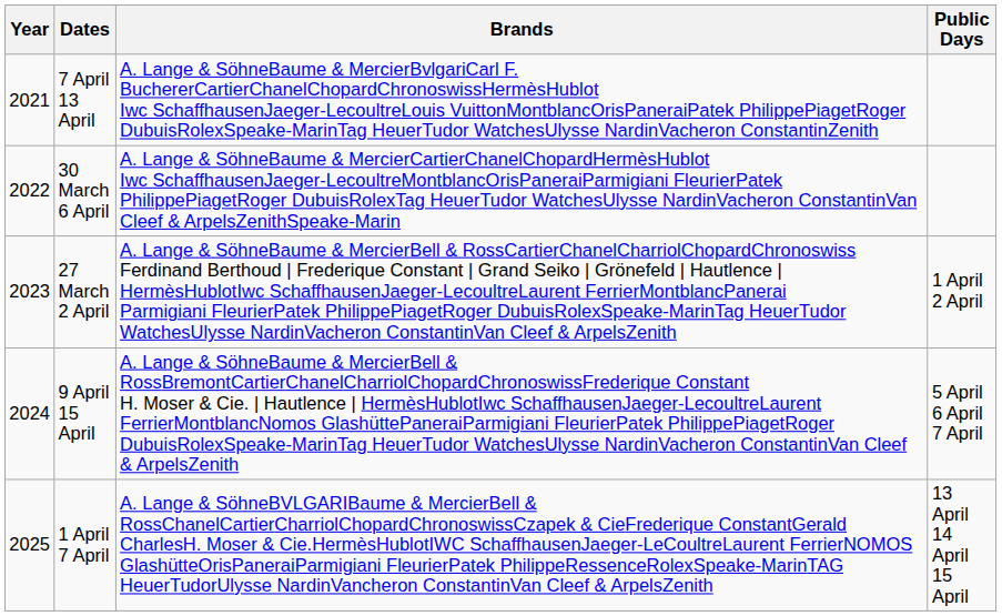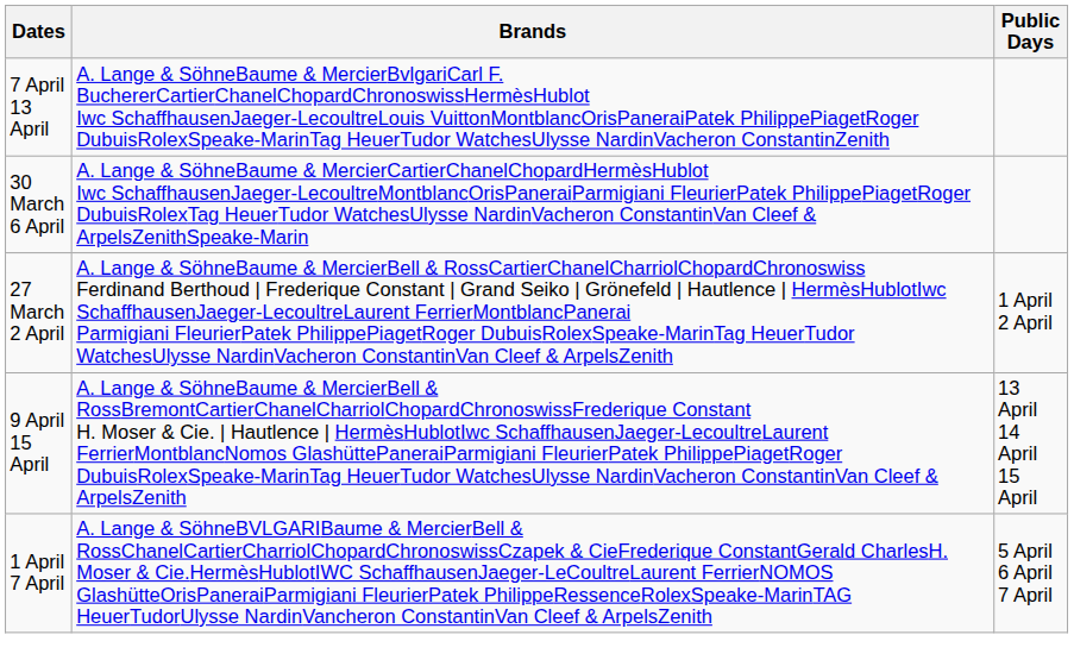 <table class="wikitable">
 <tr>
-<th>Year</th>
 <th>Dates</th>
 <th>Brands</th>
 <th>Public Days</th>
 </tr>
 <tr>
-<td>2021</td>
 <td>7 April<br>13 April</td>
 <td><a href='#'>A. Lange & Söhne</a><a href='#'>Baume & Mercier</a><a href='#'>Bvlgari</a><a href='#'>Carl F. Bucherer</a><a href='#'>Cartier</a><a href='#'>Chanel</a><a href='#'>Chopard</a><a href='#'>Chronoswiss</a><a href='#'>Hermès</a><a href='#'>Hublot</a><br><a href='#'>Iwc Schaffhausen</a><a href='#'>Jaeger-Lecoultre</a><a href='#'>Louis Vuitton</a><a href='#'>Montblanc</a><a href='#'>Oris</a><a href='#'>Panerai</a><a href='#'>Patek Philippe</a><a href='#'>Piaget</a><a href='#'>Roger Dubuis</a><a href='#'>Rolex</a><a href='#'>Speake-Marin</a><a href='#'>Tag Heuer</a><a href='#'>Tudor Watches</a><a href='#'>Ulysse Nardin</a><a href='#'>Vacheron Constantin</a><a href='#'>Zenith</a></td>
 <td></td>
 </tr>
 <tr>
-<td>2022</td>
 <td>30 March<br>6 April</td>
 <td><a href='#'>A. Lange & Söhne</a><a href='#'>Baume & Mercier</a><a href='#'>Cartier</a><a href='#'>Chanel</a><a href='#'>Chopard</a><a href='#'>Hermès</a><a href='#'>Hublot</a><br><a href='#'>Iwc Schaffhausen</a><a href='#'>Jaeger-Lecoultre</a><a href='#'>Montblanc</a><a href='#'>Oris</a><a href='#'>Panerai</a><a href='#'>Parmigiani Fleurier</a><a href='#'>Patek Philippe</a><a href='#'>Piaget</a><a href='#'>Roger Dubuis</a><a href='#'>Rolex</a><a href='#'>Tag Heuer</a><a href='#'>Tudor Watches</a><a href='#'>Ulysse Nardin</a><a href='#'>Vacheron Constantin</a><a href='#'>Van Cleef & Arpels</a><a href='#'>Zenith</a><a href='#'>Speake-Marin</a></td>
 <td></td>
 </tr>
 <tr>
-<td>2023</td>
 <td>27 March<br>2 April</td>
 <td><a href='#'>A. Lange & Söhne</a><a href='#'>Baume & Mercier</a><a href='#'>Bell & Ross</a><a href='#'>Cartier</a><a href='#'>Chanel</a><a href='#'>Charriol</a><a href='#'>Chopard</a><a href='#'>Chronoswiss</a><br>Ferdinand Berthoud | Frederique Constant | Grand Seiko | Grönefeld | Hautlence | <a href='#'>Hermès</a><a href='#'>Hublot</a><a href='#'>Iwc Schaffhausen</a><a href='#'>Jaeger-Lecoultre</a><a href='#'>Laurent Ferrier</a><a href='#'>Montblanc</a><a href='#'>Panerai</a><br><a href='#'>Parmigiani Fleurier</a><a href='#'>Patek Philippe</a><a href='#'>Piaget</a><a href='#'>Roger Dubuis</a><a href='#'>Rolex</a><a href='#'>Speake-Marin</a><a href='#'>Tag Heuer</a><a href='#'>Tudor Watches</a><a href='#'>Ulysse Nardin</a><a href='#'>Vacheron Constantin</a><a href='#'>Van Cleef & Arpels</a><a href='#'>Zenith</a></td>
 <td>1 April<br>2 April</td>
 </tr>
 <tr>
-<td>2024</td>
 <td>9 April<br>15 April</td>
 <td><a href='#'>A. Lange & Söhne</a><a href='#'>Baume & Mercier</a><a href='#'>Bell & Ross</a><a href='#'>Bremont</a><a href='#'>Cartier</a><a href='#'>Chanel</a><a href='#'>Charriol</a><a href='#'>Chopard</a><a href='#'>Chronoswiss</a><a href='#'>Frederique Constant</a><br>H. Moser & Cie. | Hautlence | <a href='#'>Hermès</a><a href='#'>Hublot</a><a href='#'>Iwc Schaffhausen</a><a href='#'>Jaeger-Lecoultre</a><a href='#'>Laurent Ferrier</a><a href='#'>Montblanc</a><a href='#'>Nomos Glashütte</a><a href='#'>Panerai</a><a href='#'>Parmigiani Fleurier</a><a href='#'>Patek Philippe</a><a href='#'>Piaget</a><a href='#'>Roger Dubuis</a><a href='#'>Rolex</a><a href='#'>Speake-Marin</a><a href='#'>Tag Heuer</a><a href='#'>Tudor Watches</a><a href='#'>Ulysse Nardin</a><a href='#'>Vacheron Constantin</a><a href='#'>Van Cleef & Arpels</a><a href='#'>Zenith</a></td>
+<td>13 April<br>14 April<br>15 April</td>
+</tr>
+<tr>
+<td>1 April<br>7 April</td>
+<td><a href='#'>A. Lange & Söhne</a><a href='#'>BVLGARI</a><a href='#'>Baume & Mercier</a><a href='#'>Bell & Ross</a><a href='#'>Chanel</a><a href='#'>Cartier</a><a href='#'>Charriol</a><a href='#'>Chopard</a><a href='#'>Chronoswiss</a><a href='#'>Czapek & Cie</a><a href='#'>Frederique Constant</a><a href='#'>Gerald Charles</a><a href='#'>H. Moser & Cie.</a><a href='#'>Hermès</a><a href='#'>Hublot</a><a href='#'>IWC Schaffhausen</a><a href='#'>Jaeger-LeCoultre</a><a href='#'>Laurent Ferrier</a><a href='#'>NOMOS Glashütte</a><a href='#'>Oris</a><a href='#'>Panerai</a><a href='#'>Parmigiani Fleurier</a><a href='#'>Patek Philippe</a><a href='#'>Ressence</a><a href='#'>Rolex</a><a href='#'>Speake-Marin</a><a href='#'>TAG Heuer</a><a href='#'>Tudor</a><a href='#'>Ulysse Nardin</a><a href='#'>Vancheron Constantin</a><a href='#'>Van Cleef & Arpels</a><a href='#'>Zenith</a></td>
 <td>5 April<br>6 April 7 April</td>
 </tr>
-<tr>
-<td>2025</td>
-<td>1 April<br>7 April</td>
-<td><a href='#'>A. Lange & Söhne</a><a href='#'>BVLGARI</a><a href='#'>Baume & Mercier</a><a href='#'>Bell & Ross</a><a href='#'>Chanel</a><a href='#'>Cartier</a><a href='#'>Charriol</a><a href='#'>Chopard</a><a href='#'>Chronoswiss</a><a href='#'>Czapek & Cie</a><a href='#'>Frederique Constant</a><a href='#'>Gerald Charles</a><a href='#'>H. Moser & Cie.</a><a href='#'>Hermès</a><a href='#'>Hublot</a><a href='#'>IWC Schaffhausen</a><a href='#'>Jaeger-LeCoultre</a><a href='#'>Laurent Ferrier</a><a href='#'>NOMOS Glashütte</a><a href='#'>Oris</a><a href='#'>Panerai</a><a href='#'>Parmigiani Fleurier</a><a href='#'>Patek Philippe</a><a href='#'>Ressence</a><a href='#'>Rolex</a><a href='#'>Speake-Marin</a><a href='#'>TAG Heuer</a><a href='#'>Tudor</a><a href='#'>Ulysse Nardin</a><a href='#'>Vancheron Constantin</a><a href='#'>Van Cleef & Arpels</a><a href='#'>Zenith</a></td>
-<td>13 April<br>14 April<br>15 April</td>
-</tr>
 </table>
